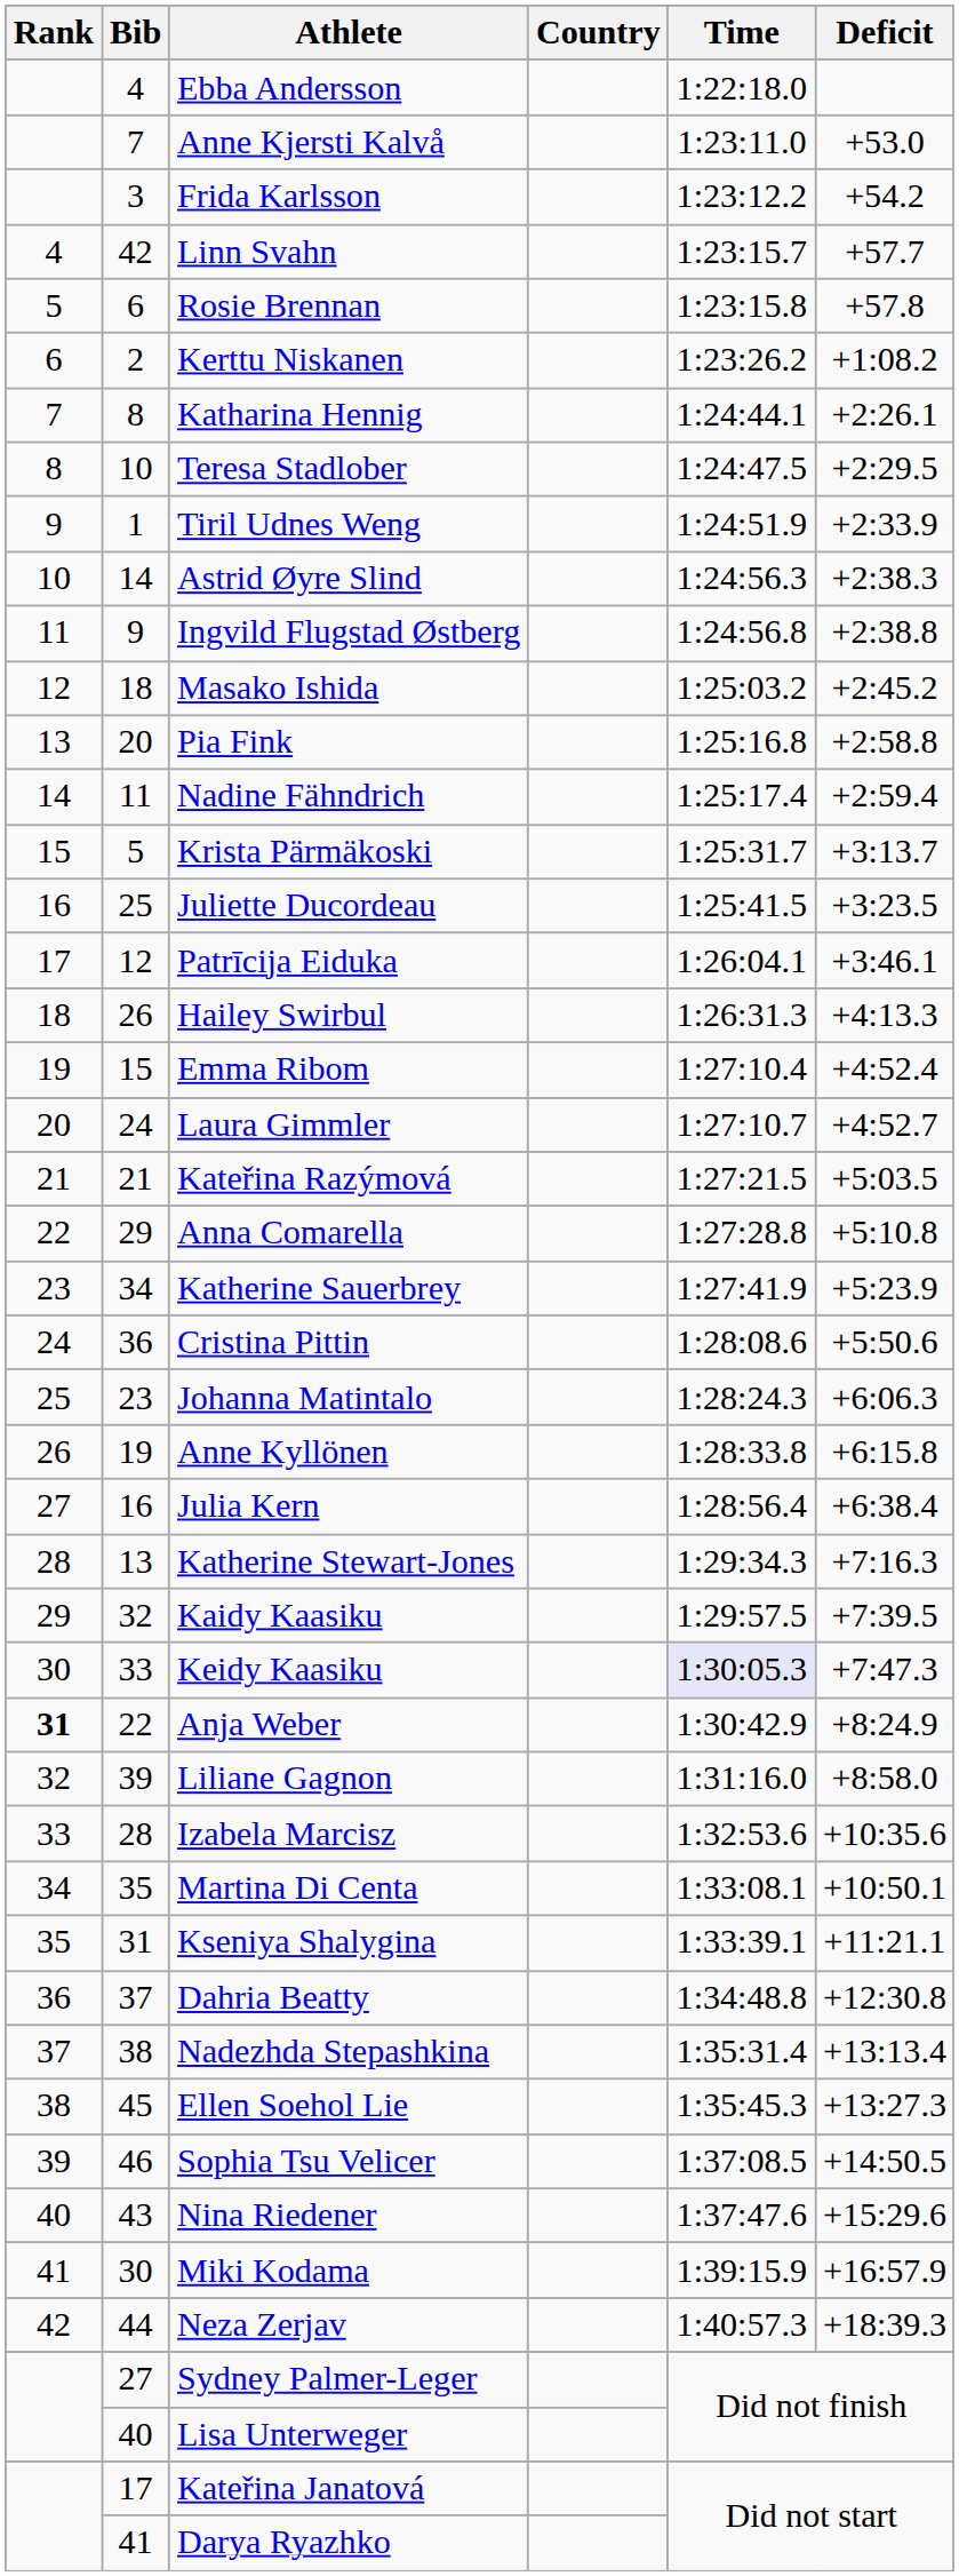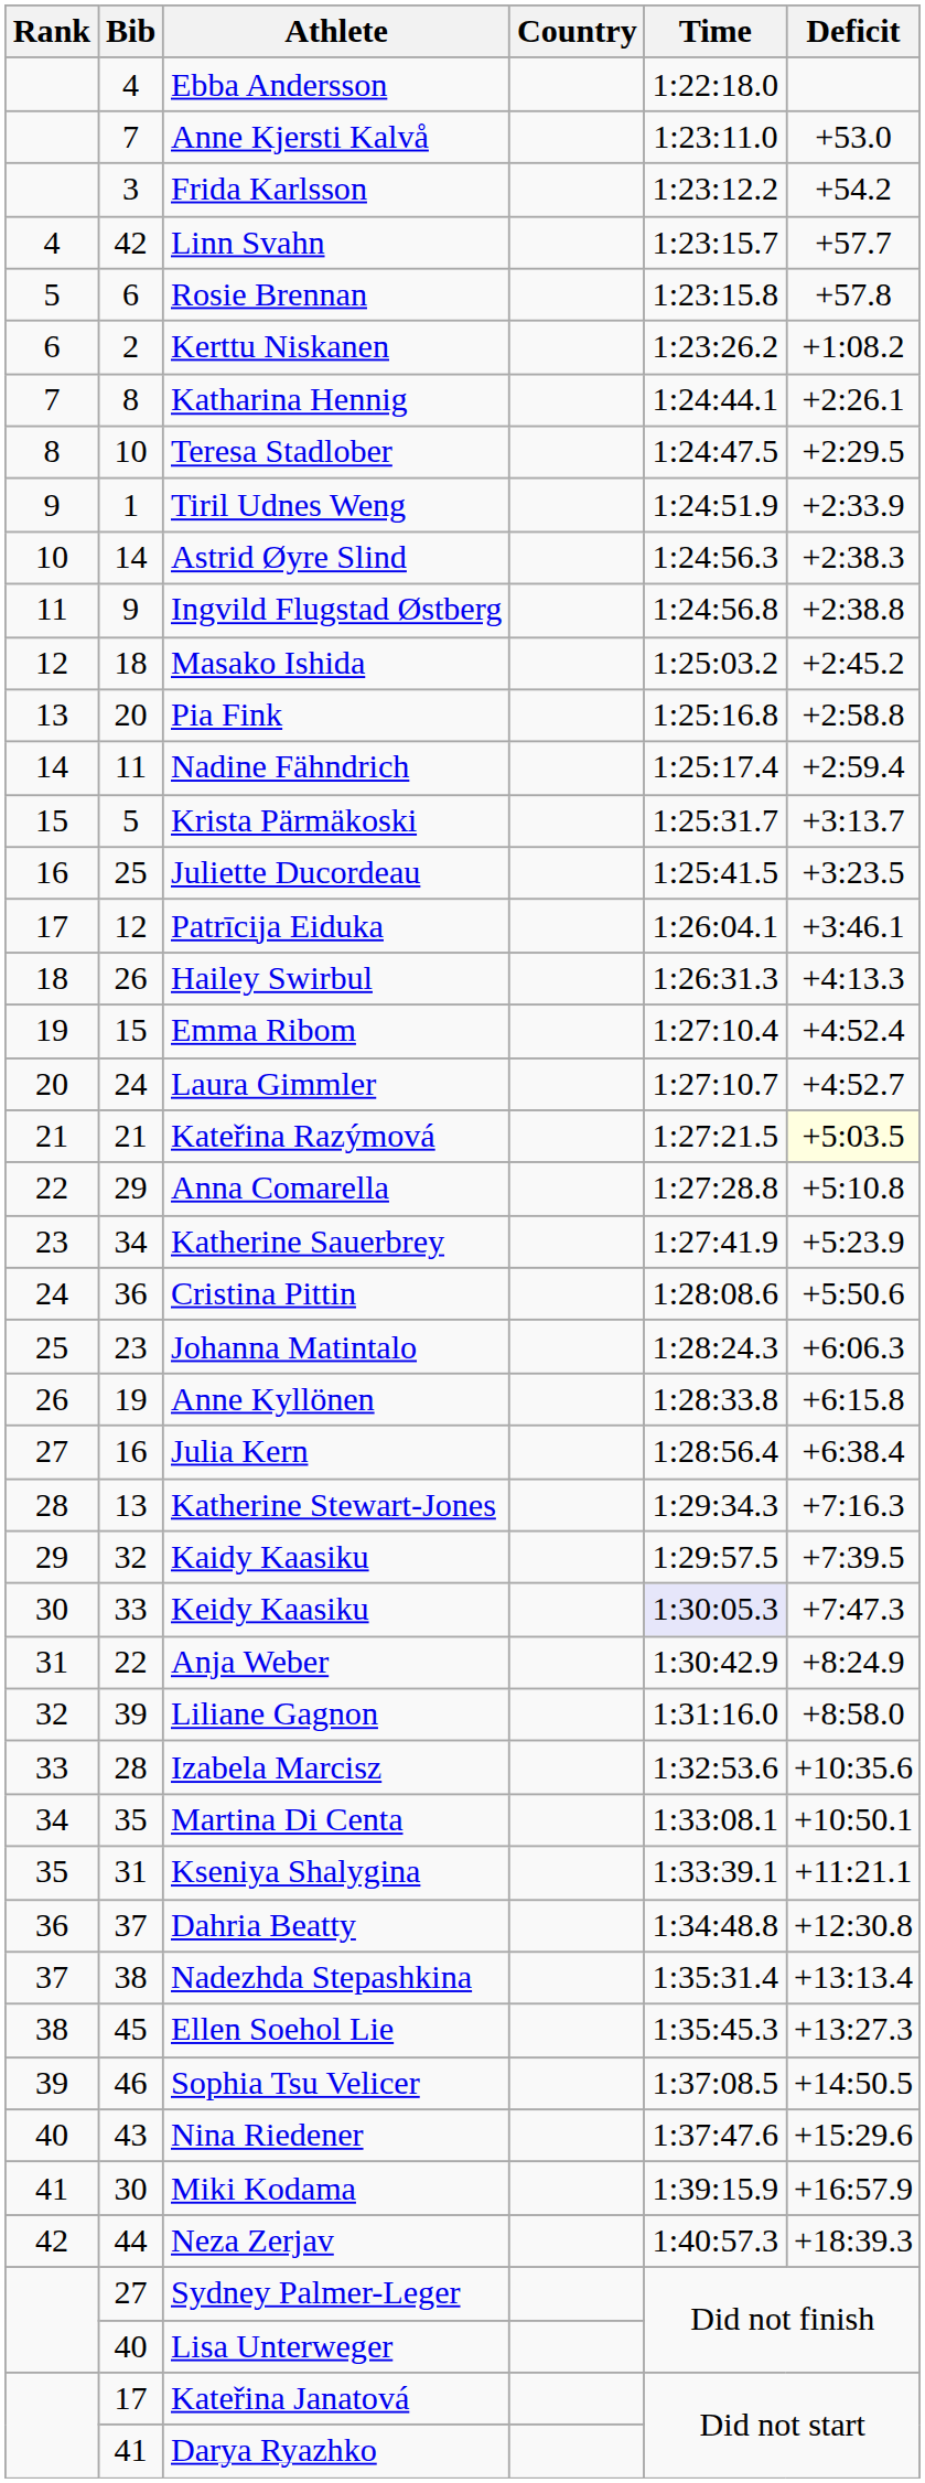 <table class="wikitable sortable" style="text-align:center">
 <tr>
 <th>Rank</th>
 <th>Bib</th>
 <th>Athlete</th>
 <th>Country</th>
 <th>Time</th>
 <th>Deficit</th>
 </tr>
 <tr>
 <td></td>
 <td>4</td>
 <td align=left><a href='#'>Ebba Andersson</a></td>
 <td align=left></td>
 <td>1:22:18.0</td>
 <td></td>
 </tr>
 <tr>
 <td></td>
 <td>7</td>
 <td align=left><a href='#'>Anne Kjersti Kalvå</a></td>
 <td align=left></td>
 <td>1:23:11.0</td>
 <td>+53.0</td>
 </tr>
 <tr>
 <td></td>
 <td>3</td>
 <td align=left><a href='#'>Frida Karlsson</a></td>
 <td align=left></td>
 <td>1:23:12.2</td>
 <td>+54.2</td>
 </tr>
 <tr>
 <td>4</td>
 <td>42</td>
 <td align=left><a href='#'>Linn Svahn</a></td>
 <td align=left></td>
 <td>1:23:15.7</td>
 <td>+57.7</td>
 </tr>
 <tr>
 <td>5</td>
 <td>6</td>
 <td align=left><a href='#'>Rosie Brennan</a></td>
 <td align=left></td>
 <td>1:23:15.8</td>
 <td>+57.8</td>
 </tr>
 <tr>
 <td>6</td>
 <td>2</td>
 <td align=left><a href='#'>Kerttu Niskanen</a></td>
 <td align=left></td>
 <td>1:23:26.2</td>
 <td>+1:08.2</td>
 </tr>
 <tr>
 <td>7</td>
 <td>8</td>
 <td align=left><a href='#'>Katharina Hennig</a></td>
 <td align=left></td>
 <td>1:24:44.1</td>
 <td>+2:26.1</td>
 </tr>
 <tr>
 <td>8</td>
 <td>10</td>
 <td align=left><a href='#'>Teresa Stadlober</a></td>
 <td align=left></td>
 <td>1:24:47.5</td>
 <td>+2:29.5</td>
 </tr>
 <tr>
 <td>9</td>
 <td>1</td>
 <td align=left><a href='#'>Tiril Udnes Weng</a></td>
 <td align=left></td>
 <td>1:24:51.9</td>
 <td>+2:33.9</td>
 </tr>
 <tr>
 <td>10</td>
 <td>14</td>
 <td align=left><a href='#'>Astrid Øyre Slind</a></td>
 <td align=left></td>
 <td>1:24:56.3</td>
 <td>+2:38.3</td>
 </tr>
 <tr>
 <td>11</td>
 <td>9</td>
 <td align=left><a href='#'>Ingvild Flugstad Østberg</a></td>
 <td align=left></td>
 <td>1:24:56.8</td>
 <td>+2:38.8</td>
 </tr>
 <tr>
 <td>12</td>
 <td>18</td>
 <td align=left><a href='#'>Masako Ishida</a></td>
 <td align=left></td>
 <td>1:25:03.2</td>
 <td>+2:45.2</td>
 </tr>
 <tr>
 <td>13</td>
 <td>20</td>
 <td align=left><a href='#'>Pia Fink</a></td>
 <td align=left></td>
 <td>1:25:16.8</td>
 <td>+2:58.8</td>
 </tr>
 <tr>
 <td>14</td>
 <td>11</td>
 <td align=left><a href='#'>Nadine Fähndrich</a></td>
 <td align=left></td>
 <td>1:25:17.4</td>
 <td>+2:59.4</td>
 </tr>
 <tr>
 <td>15</td>
 <td>5</td>
 <td align=left><a href='#'>Krista Pärmäkoski</a></td>
 <td align=left></td>
 <td>1:25:31.7</td>
 <td>+3:13.7</td>
 </tr>
 <tr>
 <td>16</td>
 <td>25</td>
 <td align=left><a href='#'>Juliette Ducordeau</a></td>
 <td align=left></td>
 <td>1:25:41.5</td>
 <td>+3:23.5</td>
 </tr>
 <tr>
 <td>17</td>
 <td>12</td>
 <td align=left><a href='#'>Patrīcija Eiduka</a></td>
 <td align=left></td>
 <td>1:26:04.1</td>
 <td>+3:46.1</td>
 </tr>
 <tr>
 <td>18</td>
 <td>26</td>
 <td align=left><a href='#'>Hailey Swirbul</a></td>
 <td align=left></td>
 <td>1:26:31.3</td>
 <td>+4:13.3</td>
 </tr>
 <tr>
 <td>19</td>
 <td>15</td>
 <td align=left><a href='#'>Emma Ribom</a></td>
 <td align=left></td>
 <td>1:27:10.4</td>
 <td>+4:52.4</td>
 </tr>
 <tr>
 <td>20</td>
 <td>24</td>
 <td align=left><a href='#'>Laura Gimmler</a></td>
 <td align=left></td>
 <td>1:27:10.7</td>
 <td>+4:52.7</td>
 </tr>
 <tr>
 <td>21</td>
 <td>21</td>
 <td align=left><a href='#'>Kateřina Razýmová</a></td>
 <td align=left></td>
 <td>1:27:21.5</td>
-<td>+5:03.5</td>
+<td style="background: lightyellow;">+5:03.5</td>
 </tr>
 <tr>
 <td>22</td>
 <td>29</td>
 <td align=left><a href='#'>Anna Comarella</a></td>
 <td align=left></td>
 <td>1:27:28.8</td>
 <td>+5:10.8</td>
 </tr>
 <tr>
 <td>23</td>
 <td>34</td>
 <td align=left><a href='#'>Katherine Sauerbrey</a></td>
 <td align=left></td>
 <td>1:27:41.9</td>
 <td>+5:23.9</td>
 </tr>
 <tr>
 <td>24</td>
 <td>36</td>
 <td align=left><a href='#'>Cristina Pittin</a></td>
 <td align=left></td>
 <td>1:28:08.6</td>
 <td>+5:50.6</td>
 </tr>
 <tr>
 <td>25</td>
 <td>23</td>
 <td align=left><a href='#'>Johanna Matintalo</a></td>
 <td align=left></td>
 <td>1:28:24.3</td>
 <td>+6:06.3</td>
 </tr>
 <tr>
 <td>26</td>
 <td>19</td>
 <td align=left><a href='#'>Anne Kyllönen</a></td>
 <td align=left></td>
 <td>1:28:33.8</td>
 <td>+6:15.8</td>
 </tr>
 <tr>
 <td>27</td>
 <td>16</td>
 <td align=left><a href='#'>Julia Kern</a></td>
 <td align=left></td>
 <td>1:28:56.4</td>
 <td>+6:38.4</td>
 </tr>
 <tr>
 <td>28</td>
 <td>13</td>
 <td align=left><a href='#'>Katherine Stewart-Jones</a></td>
 <td align=left></td>
 <td>1:29:34.3</td>
 <td>+7:16.3</td>
 </tr>
 <tr>
 <td>29</td>
 <td>32</td>
 <td align=left><a href='#'>Kaidy Kaasiku</a></td>
 <td align=left></td>
 <td>1:29:57.5</td>
 <td>+7:39.5</td>
 </tr>
 <tr>
 <td>30</td>
 <td>33</td>
 <td align=left><a href='#'>Keidy Kaasiku</a></td>
 <td align=left></td>
 <td style="background: lavender;">1:30:05.3</td>
 <td>+7:47.3</td>
 </tr>
 <tr>
-<td><strong>31</strong></td>
+<td>31</td>
 <td>22</td>
 <td align=left><a href='#'>Anja Weber</a></td>
 <td align=left></td>
 <td>1:30:42.9</td>
 <td>+8:24.9</td>
 </tr>
 <tr>
 <td>32</td>
 <td>39</td>
 <td align=left><a href='#'>Liliane Gagnon</a></td>
 <td align=left></td>
 <td>1:31:16.0</td>
 <td>+8:58.0</td>
 </tr>
 <tr>
 <td>33</td>
 <td>28</td>
 <td align=left><a href='#'>Izabela Marcisz</a></td>
 <td align=left></td>
 <td>1:32:53.6</td>
 <td>+10:35.6</td>
 </tr>
 <tr>
 <td>34</td>
 <td>35</td>
 <td align=left><a href='#'>Martina Di Centa</a></td>
 <td align=left></td>
 <td>1:33:08.1</td>
 <td>+10:50.1</td>
 </tr>
 <tr>
 <td>35</td>
 <td>31</td>
 <td align=left><a href='#'>Kseniya Shalygina</a></td>
 <td align=left></td>
 <td>1:33:39.1</td>
 <td>+11:21.1</td>
 </tr>
 <tr>
 <td>36</td>
 <td>37</td>
 <td align=left><a href='#'>Dahria Beatty</a></td>
 <td align=left></td>
 <td>1:34:48.8</td>
 <td>+12:30.8</td>
 </tr>
 <tr>
 <td>37</td>
 <td>38</td>
 <td align=left><a href='#'>Nadezhda Stepashkina</a></td>
 <td align=left></td>
 <td>1:35:31.4</td>
 <td>+13:13.4</td>
 </tr>
 <tr>
 <td>38</td>
 <td>45</td>
 <td align=left><a href='#'>Ellen Soehol Lie</a></td>
 <td align=left></td>
 <td>1:35:45.3</td>
 <td>+13:27.3</td>
 </tr>
 <tr>
 <td>39</td>
 <td>46</td>
 <td align=left><a href='#'>Sophia Tsu Velicer</a></td>
 <td align=left></td>
 <td>1:37:08.5</td>
 <td>+14:50.5</td>
 </tr>
 <tr>
 <td>40</td>
 <td>43</td>
 <td align=left><a href='#'>Nina Riedener</a></td>
 <td align=left></td>
 <td>1:37:47.6</td>
 <td>+15:29.6</td>
 </tr>
 <tr>
 <td>41</td>
 <td>30</td>
 <td align=left><a href='#'>Miki Kodama</a></td>
 <td align=left></td>
 <td>1:39:15.9</td>
 <td>+16:57.9</td>
 </tr>
 <tr>
 <td>42</td>
 <td>44</td>
 <td align=left><a href='#'>Neza Zerjav</a></td>
 <td align=left></td>
 <td>1:40:57.3</td>
 <td>+18:39.3</td>
 </tr>
 <tr>
 <td rowspan=2></td>
 <td>27</td>
 <td align=left><a href='#'>Sydney Palmer-Leger</a></td>
 <td align=left></td>
 <td colspan=2 rowspan=2>Did not finish</td>
 </tr>
 <tr>
 <td>40</td>
 <td align=left><a href='#'>Lisa Unterweger</a></td>
 <td align=left></td>
 </tr>
 <tr>
 <td rowspan=2></td>
 <td>17</td>
 <td align=left><a href='#'>Kateřina Janatová</a></td>
 <td align=left></td>
 <td colspan=2 rowspan=2>Did not start</td>
 </tr>
 <tr>
 <td>41</td>
 <td align=left><a href='#'>Darya Ryazhko</a></td>
 <td align=left></td>
 </tr>
 </table>
